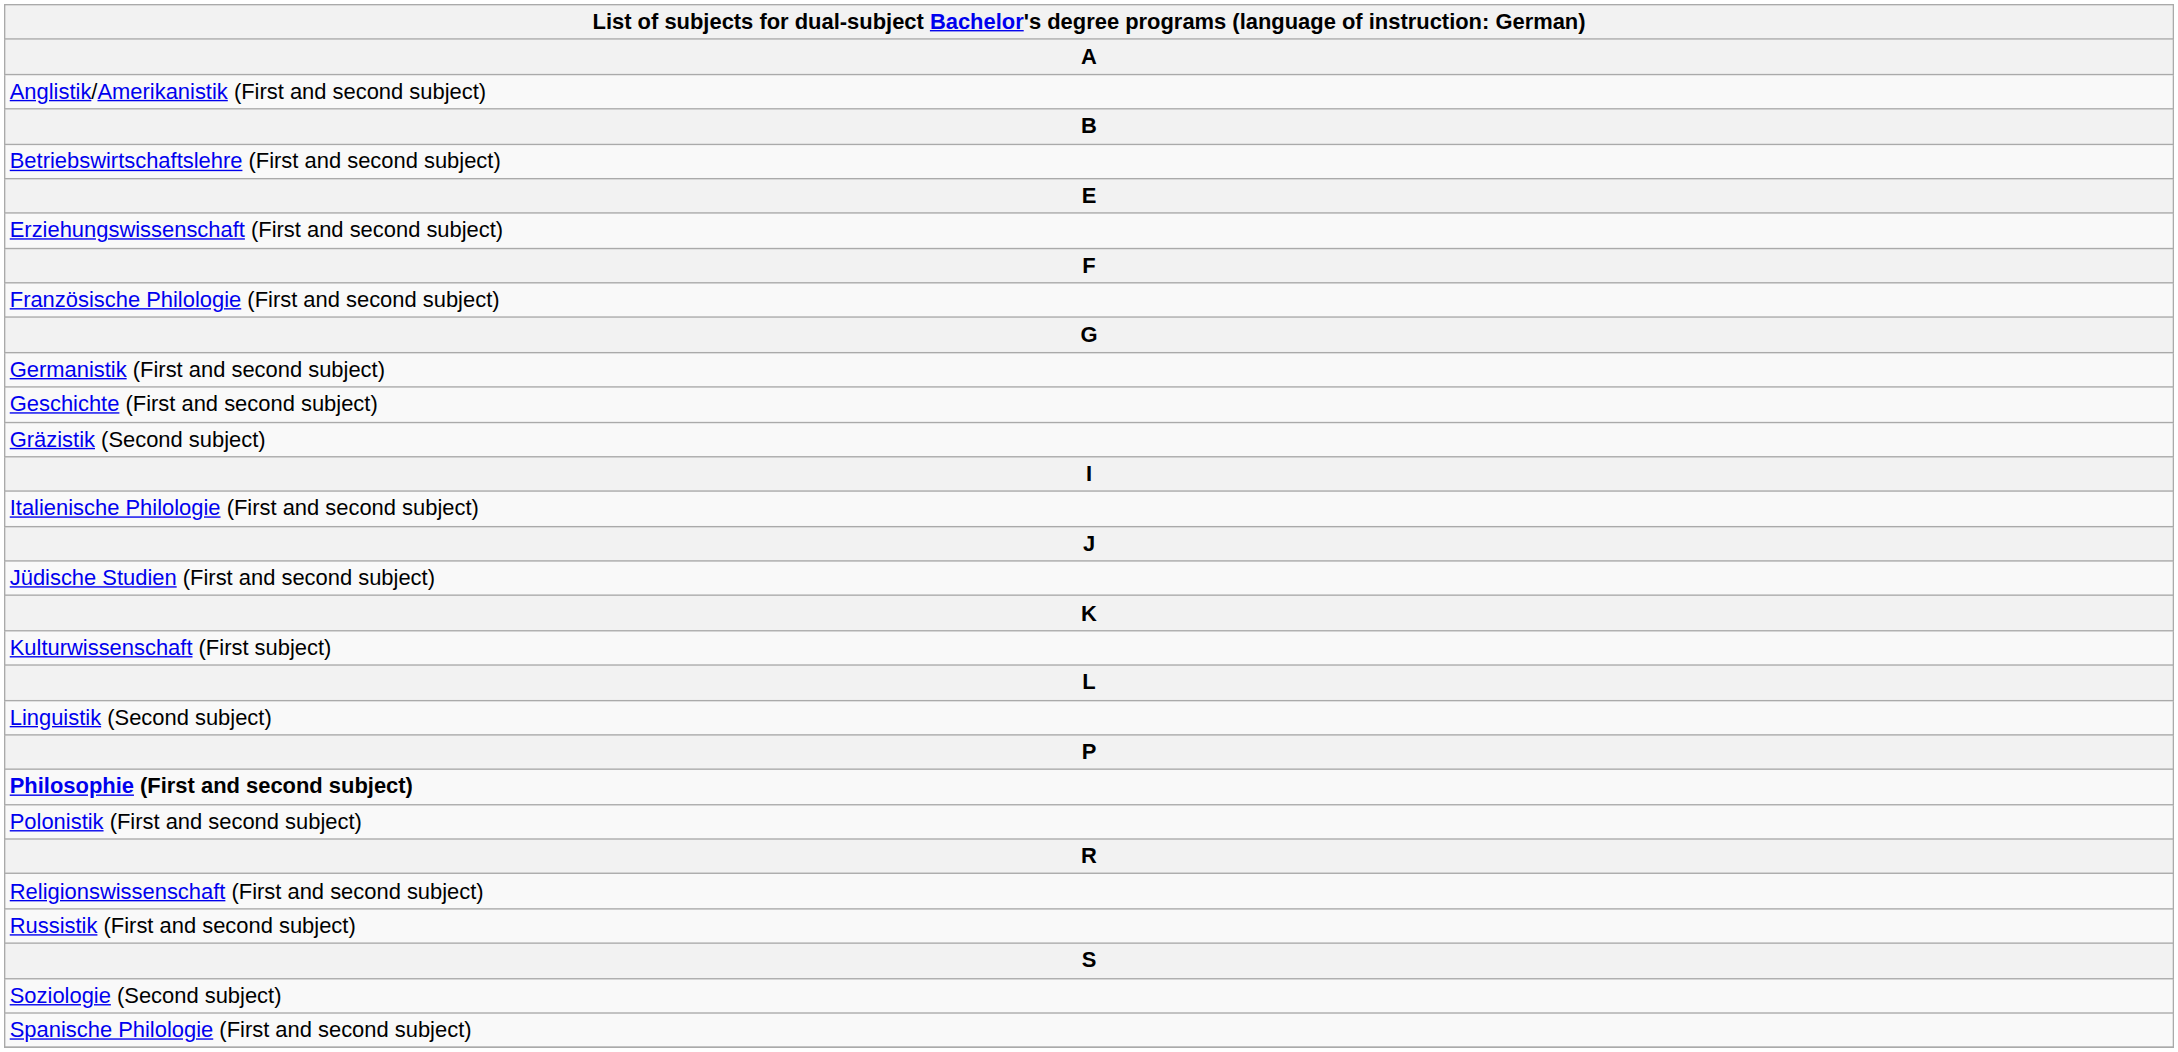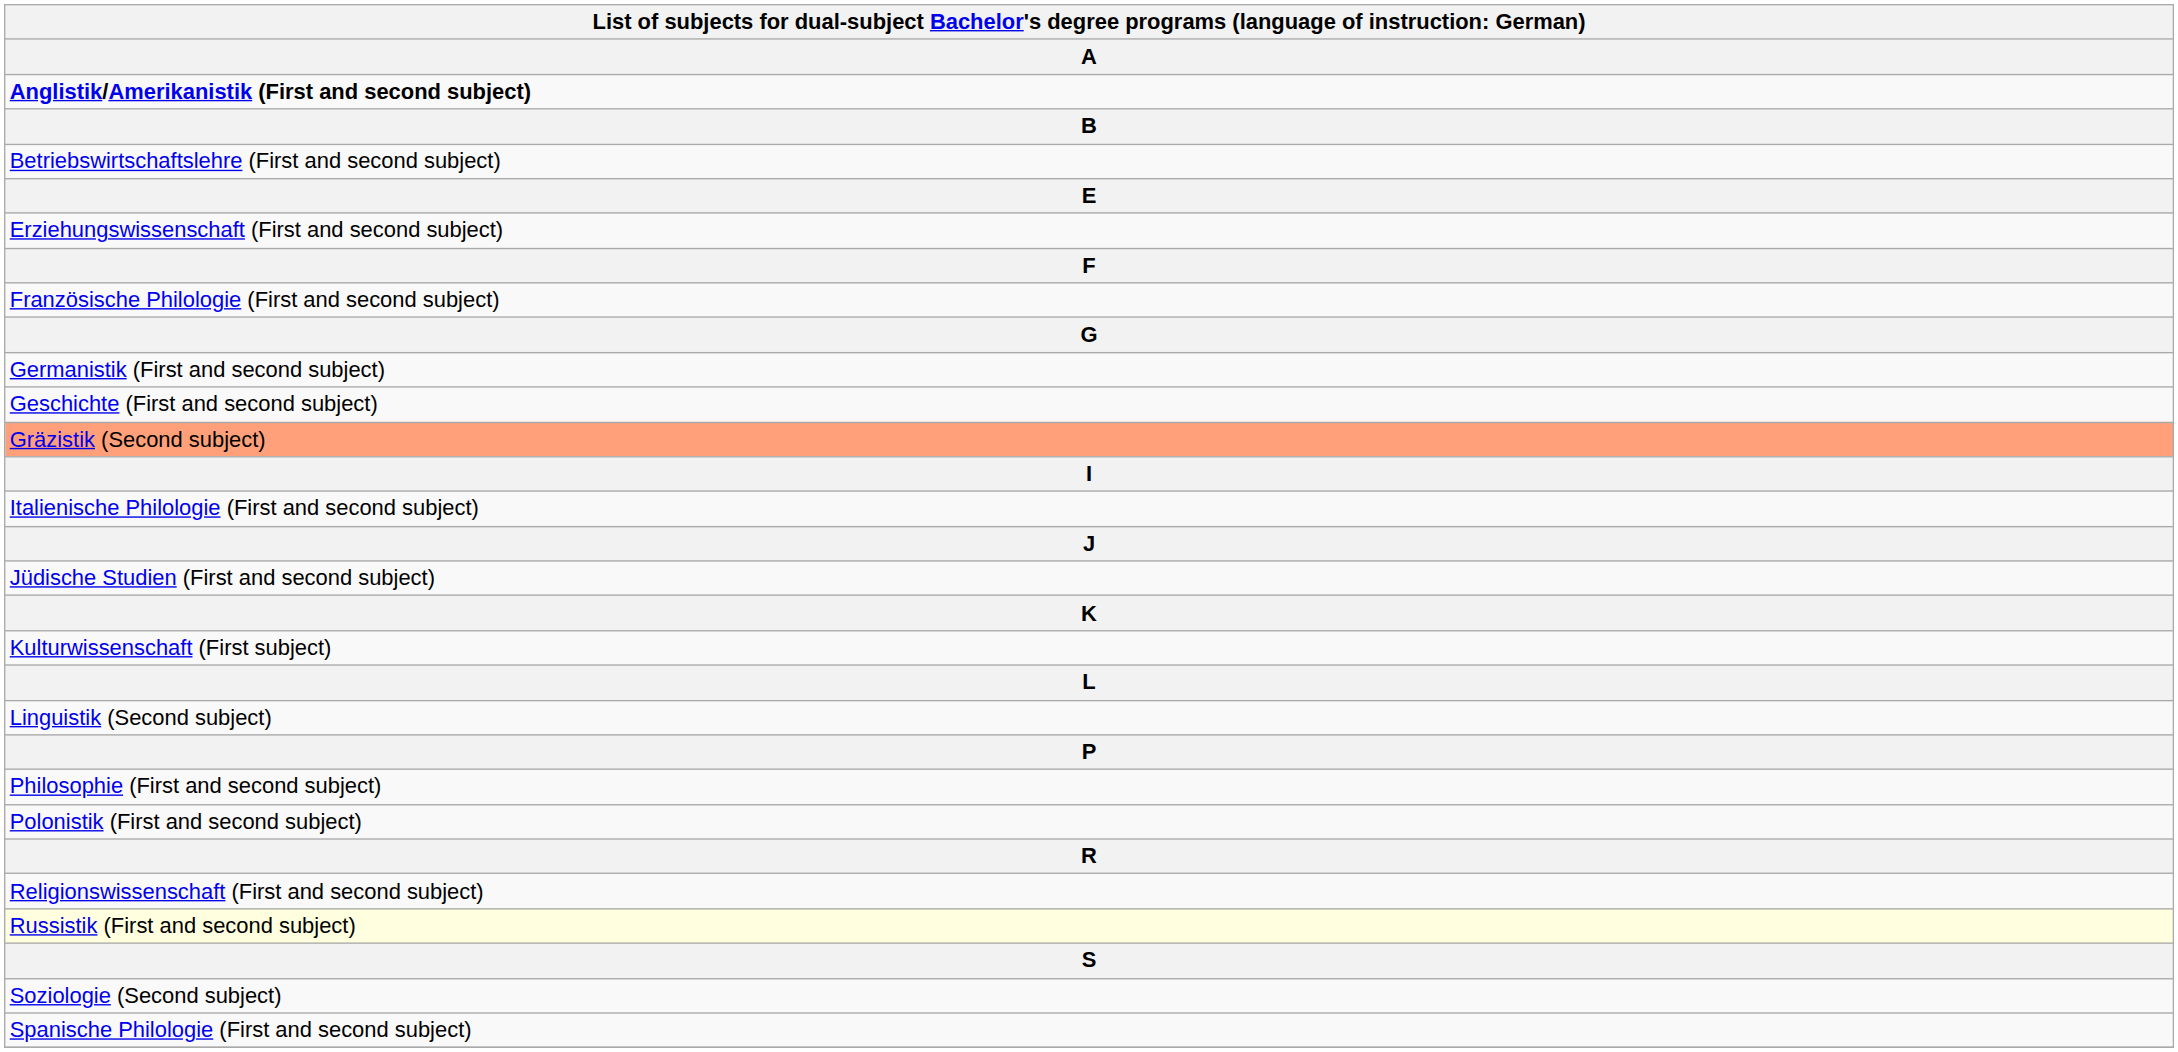 <table class="wikitable  mw-collapsible mw-collapsed" width="100%">
 <tr>
 <th>List of subjects for dual-subject <a href='#'>Bachelor</a>'s degree programs (language of instruction: German)</th>
 </tr>
 <tr>
 <th>A</th>
 </tr>
 <tr>
-<td><a href='#'>Anglistik</a>/<a href='#'>Amerikanistik</a> (First and second subject)</td>
+<td><strong><a href='#'>Anglistik</a>/<a href='#'>Amerikanistik</a> (First and second subject)</strong></td>
 </tr>
 <tr>
 <th>B</th>
 </tr>
 <tr>
 <td><a href='#'>Betriebswirtschaftslehre</a> (First and second subject)</td>
 </tr>
 <tr>
 <th>E</th>
 </tr>
 <tr>
 <td><a href='#'>Erziehungswissenschaft</a> (First and second subject)</td>
 </tr>
 <tr>
 <th>F</th>
 </tr>
 <tr>
 <td><a href='#'>Französische Philologie</a> (First and second subject)</td>
 </tr>
 <tr>
 <th>G</th>
 </tr>
 <tr>
 <td><a href='#'>Germanistik</a> (First and second subject)</td>
 </tr>
 <tr>
 <td><a href='#'>Geschichte</a> (First and second subject)</td>
 </tr>
 <tr>
-<td><a href='#'>Gräzistik</a> (Second subject)</td>
+<td style="background: lightsalmon;"><a href='#'>Gräzistik</a> (Second subject)</td>
 </tr>
 <tr>
 <th>I</th>
 </tr>
 <tr>
 <td><a href='#'>Italienische Philologie</a> (First and second subject)</td>
 </tr>
 <tr>
 <th>J</th>
 </tr>
 <tr>
 <td><a href='#'>Jüdische Studien</a> (First and second subject)</td>
 </tr>
 <tr>
 <th>K</th>
 </tr>
 <tr>
 <td><a href='#'>Kulturwissenschaft</a> (First subject)</td>
 </tr>
 <tr>
 <th>L</th>
 </tr>
 <tr>
 <td><a href='#'>Linguistik</a> (Second subject)</td>
 </tr>
 <tr>
 <th>P</th>
 </tr>
 <tr>
-<td><strong><a href='#'>Philosophie</a> (First and second subject)</strong></td>
+<td><a href='#'>Philosophie</a> (First and second subject)</td>
 </tr>
 <tr>
 <td><a href='#'>Polonistik</a> (First and second subject)</td>
 </tr>
 <tr>
 <th>R</th>
 </tr>
 <tr>
 <td><a href='#'>Religionswissenschaft</a> (First and second subject)</td>
 </tr>
 <tr>
-<td><a href='#'>Russistik</a> (First and second subject)</td>
+<td style="background: lightyellow;"><a href='#'>Russistik</a> (First and second subject)</td>
 </tr>
 <tr>
 <th>S</th>
 </tr>
 <tr>
 <td><a href='#'>Soziologie</a> (Second subject)</td>
 </tr>
 <tr>
 <td><a href='#'>Spanische Philologie</a> (First and second subject)</td>
 </tr>
 <tr>
 </tr>
 </table>
